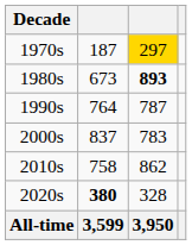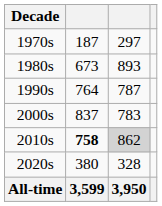 <table class="wikitable sortable plainrowheaders" style="text-align:center">
 <tr>
 <th scope="col">Decade</th>
 <th scope="col"><a href='#'></a></th>
 <th scope="col"><a href='#'></a></th>
 <th scope="col"><a href='#'></a></th>
 </tr>
 <tr>
 <td>1970s</td>
 <td>187</td>
-<td style="background: gold;">297</td>
+<td>297</td>
 <td></td>
 </tr>
 <tr>
 <td>1980s</td>
 <td>673</td>
-<td><strong>893</strong></td>
+<td>893</td>
 <td></td>
 </tr>
 <tr>
 <td>1990s</td>
 <td>764</td>
 <td>787</td>
 <td></td>
 </tr>
 <tr>
 <td>2000s</td>
 <td>837</td>
 <td>783</td>
 <td></td>
 </tr>
 <tr>
 <td>2010s</td>
-<td>758</td>
-<td>862</td>
+<td><strong>758</strong></td>
+<td style="background: lightgrey;">862</td>
 <td></td>
 </tr>
 <tr>
 <td>2020s</td>
-<td><strong>380</strong></td>
+<td>380</td>
 <td>328</td>
 <td></td>
 </tr>
 <tr>
 <th style="text-align:center; ">All-time</th>
 <th style="text-align:center; ">3,599</th>
 <th style="text-align:center; ">3,950</th>
 <th style="text-align:center; "></th>
 </tr>
 </table>
